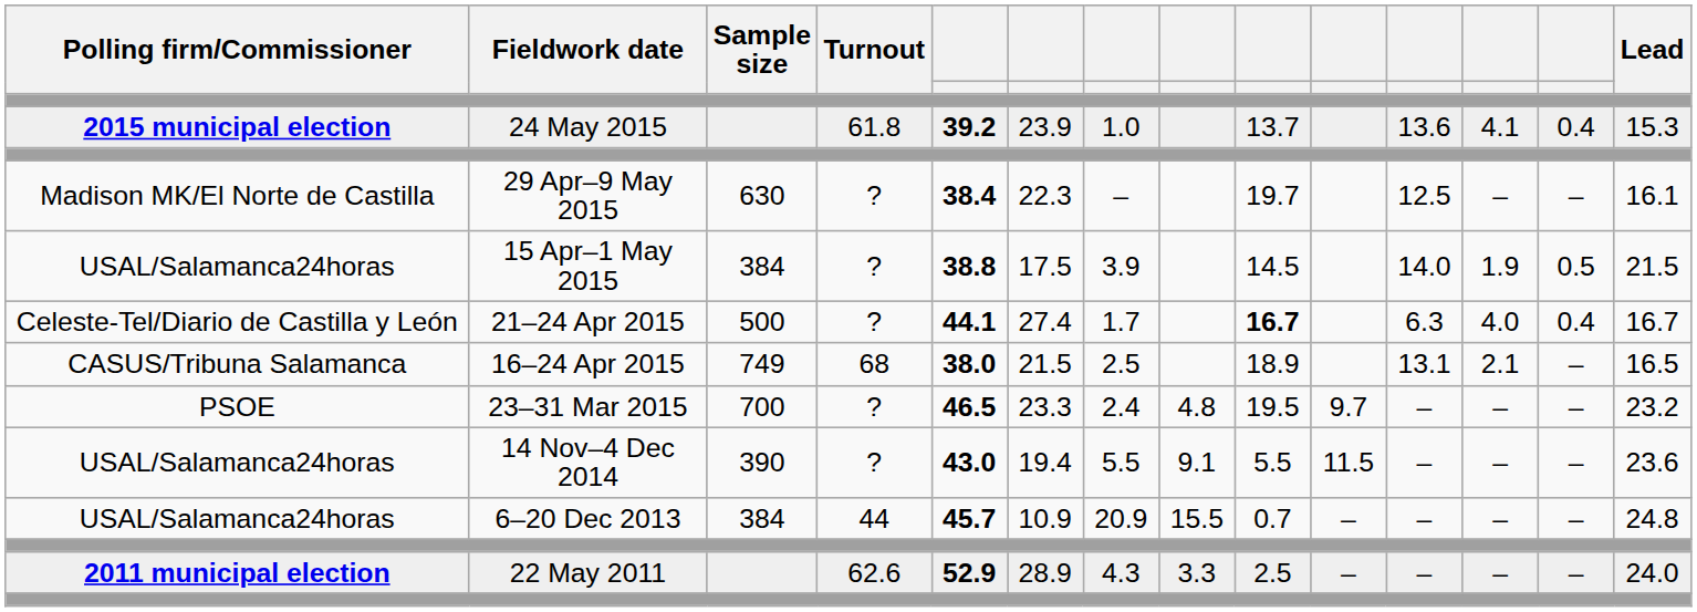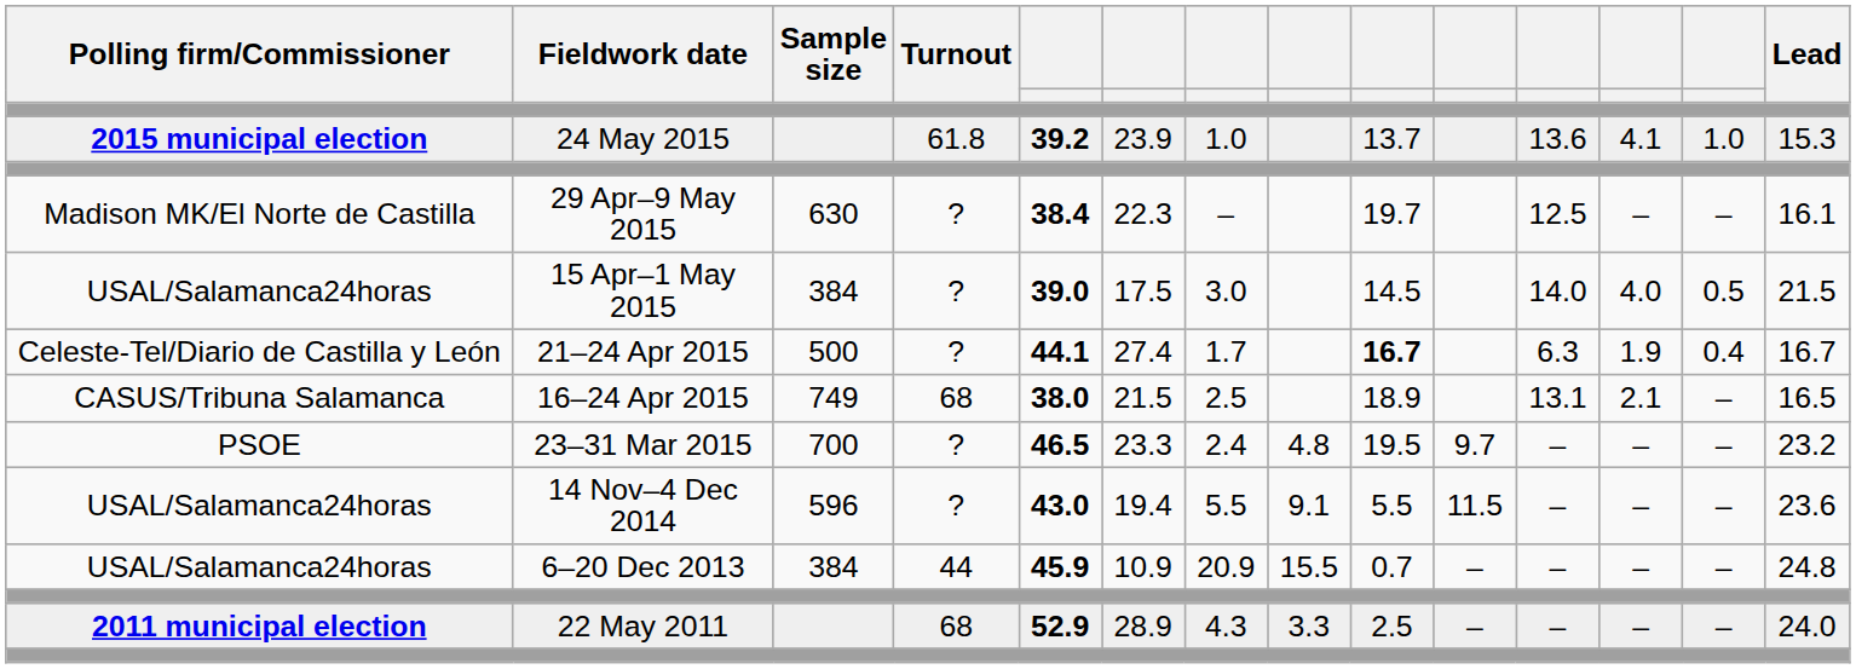 <table class="wikitable collapsible collapsed" style="text-align:center; font-size:95%; line-height:16px;">
 <tr style="height:42px;">
 <th style="width:250px;" rowspan="2">Polling firm/Commissioner</th>
 <th style="width:125px;" rowspan="2">Fieldwork date</th>
 <th style="width:50px;" rowspan="2">Sample size</th>
 <th style="width:45px;" rowspan="2">Turnout</th>
 <th style="width:35px;"></th>
 <th style="width:35px;"></th>
 <th style="width:35px;"></th>
 <th style="width:35px;"></th>
 <th style="width:35px;"></th>
 <th style="width:35px;"></th>
 <th style="width:35px;"></th>
 <th style="width:35px;"></th>
 <th style="width:35px;"></th>
 <th style="width:30px;" rowspan="2">Lead</th>
 </tr>
 <tr>
 <th style="color:inherit;background:"></th>
 <th style="color:inherit;background:"></th>
 <th style="color:inherit;background:"></th>
 <th style="color:inherit;background:"></th>
 <th style="color:inherit;background:"></th>
 <th style="color:inherit;background:"></th>
 <th style="color:inherit;background:"></th>
 <th style="color:inherit;background:"></th>
 <th style="color:inherit;background:"></th>
 </tr>
 <tr>
 <td colspan="14" style="background:#A0A0A0"></td>
 </tr>
 <tr style="background:#EFEFEF;">
 <td><strong><a href='#'>2015 municipal election</a></strong></td>
 <td>24 May 2015</td>
 <td></td>
 <td>61.8</td>
 <td><strong>39.2</strong><br></td>
 <td>23.9<br></td>
 <td>1.0<br></td>
 <td></td>
 <td>13.7<br></td>
 <td></td>
 <td>13.6<br></td>
 <td>4.1<br></td>
-<td>0.4<br></td>
+<td>1.0<br></td>
 <td style="background:">15.3</td>
 </tr>
 <tr>
 <td colspan="14" style="background:#A0A0A0"></td>
 </tr>
 <tr>
 <td>Madison MK/El Norte de Castilla</td>
 <td>29 Apr–9 May 2015</td>
 <td>630</td>
 <td>?</td>
 <td><strong>38.4</strong><br></td>
 <td>22.3<br></td>
 <td>–</td>
 <td></td>
 <td>19.7<br></td>
 <td></td>
 <td>12.5<br></td>
 <td>–</td>
 <td>–</td>
 <td style="background:">16.1</td>
 </tr>
 <tr>
 <td>USAL/Salamanca24horas</td>
 <td>15 Apr–1 May 2015</td>
 <td>384</td>
 <td>?</td>
-<td><strong>38.8</strong><br></td>
+<td><strong>39.0</strong><br></td>
 <td>17.5<br></td>
-<td>3.9<br></td>
+<td>3.0<br></td>
 <td></td>
 <td>14.5<br></td>
 <td></td>
 <td>14.0<br></td>
-<td>1.9<br></td>
+<td>4.0<br></td>
 <td>0.5<br></td>
 <td style="background:">21.5</td>
 </tr>
 <tr>
 <td>Celeste-Tel/Diario de Castilla y León</td>
 <td>21–24 Apr 2015</td>
 <td>500</td>
 <td>?</td>
 <td><strong>44.1</strong><br></td>
 <td>27.4<br></td>
 <td>1.7<br></td>
 <td></td>
 <td><strong>16.7<br></strong></td>
 <td></td>
 <td>6.3<br></td>
-<td>4.0<br></td>
+<td>1.9<br></td>
 <td>0.4<br></td>
 <td style="background:">16.7</td>
 </tr>
 <tr>
 <td>CASUS/Tribuna Salamanca</td>
 <td>16–24 Apr 2015</td>
 <td>749</td>
 <td>68</td>
 <td><strong>38.0</strong><br></td>
 <td>21.5<br></td>
 <td>2.5<br></td>
 <td></td>
 <td>18.9<br></td>
 <td></td>
 <td>13.1<br></td>
 <td>2.1<br></td>
 <td>–</td>
 <td style="background:">16.5</td>
 </tr>
 <tr>
 <td>PSOE</td>
 <td>23–31 Mar 2015</td>
 <td>700</td>
 <td>?</td>
 <td><strong>46.5</strong><br></td>
 <td>23.3<br></td>
 <td>2.4<br></td>
 <td>4.8<br></td>
 <td>19.5<br></td>
 <td>9.7<br></td>
 <td>–</td>
 <td>–</td>
 <td>–</td>
 <td style="background:">23.2</td>
 </tr>
 <tr>
 <td>USAL/Salamanca24horas</td>
 <td>14 Nov–4 Dec 2014</td>
-<td>390</td>
+<td>596</td>
 <td>?</td>
 <td><strong>43.0</strong><br></td>
 <td>19.4<br></td>
 <td>5.5<br></td>
 <td>9.1<br></td>
 <td>5.5<br></td>
 <td>11.5<br></td>
 <td>–</td>
 <td>–</td>
 <td>–</td>
 <td style="background:">23.6</td>
 </tr>
 <tr>
 <td>USAL/Salamanca24horas</td>
 <td>6–20 Dec 2013</td>
 <td>384</td>
 <td>44</td>
-<td><strong>45.7</strong><br></td>
+<td><strong>45.9</strong><br></td>
 <td>10.9<br></td>
 <td>20.9<br></td>
 <td>15.5<br></td>
 <td>0.7<br></td>
 <td>–</td>
 <td>–</td>
 <td>–</td>
 <td>–</td>
 <td style="background:">24.8</td>
 </tr>
 <tr>
 <td colspan="14" style="background:#A0A0A0"></td>
 </tr>
 <tr style="background:#EFEFEF;">
 <td><strong><a href='#'>2011 municipal election</a></strong></td>
 <td>22 May 2011</td>
 <td></td>
-<td>62.6</td>
+<td>68</td>
 <td><strong>52.9</strong><br></td>
 <td>28.9<br></td>
 <td>4.3<br></td>
 <td>3.3<br></td>
 <td>2.5<br></td>
 <td>–</td>
 <td>–</td>
 <td>–</td>
 <td>–</td>
 <td style="background:">24.0</td>
 </tr>
 <tr>
 <td colspan="14" style="background:#A0A0A0"></td>
 </tr>
 </table>
